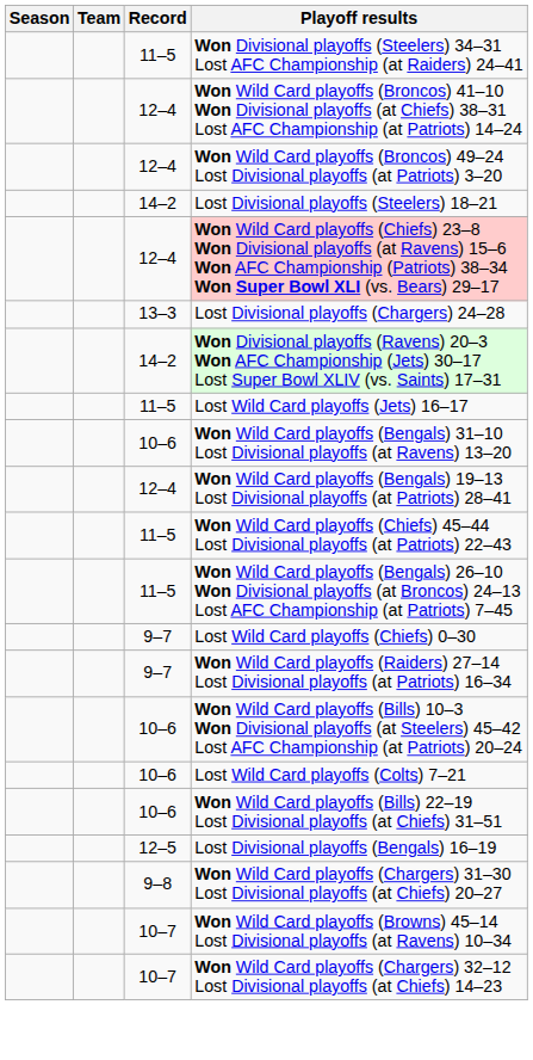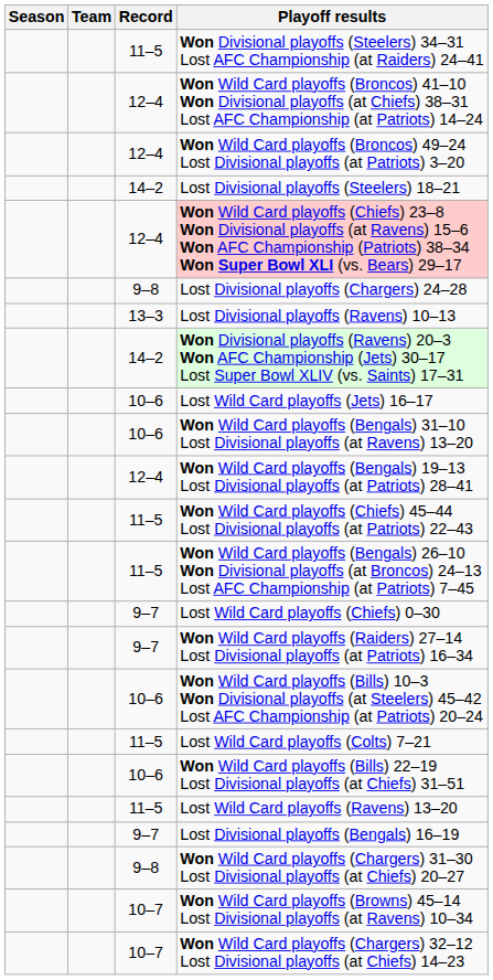 <table class="wikitable">
 <tr>
 <th>Season</th>
 <th>Team</th>
 <th>Record</th>
 <th>Playoff results</th>
 </tr>
 <tr>
 <td></td>
 <td><strong><a href='#'></a></strong></td>
 <td align="center">11–5</td>
 <td><strong>Won</strong> <a href='#'>Divisional playoffs</a> (<a href='#'>Steelers</a>) 34–31 <br>Lost <a href='#'>AFC Championship</a> (at <a href='#'>Raiders</a>) 24–41</td>
 </tr>
 <tr>
 <td></td>
 <td><strong><a href='#'></a></strong></td>
 <td align="center">12–4</td>
 <td><strong>Won</strong> <a href='#'>Wild Card playoffs</a> (<a href='#'>Broncos</a>) 41–10<br><strong>Won </strong><a href='#'>Divisional playoffs</a> (at <a href='#'>Chiefs</a>) 38–31<br>Lost <a href='#'>AFC Championship</a> (at <a href='#'>Patriots</a>) 14–24</td>
 </tr>
 <tr>
 <td></td>
 <td><strong><a href='#'></a></strong></td>
 <td align="center">12–4</td>
 <td><strong>Won</strong> <a href='#'>Wild Card playoffs</a> (<a href='#'>Broncos</a>) 49–24<br>Lost <a href='#'>Divisional playoffs</a> (at <a href='#'>Patriots</a>) 3–20</td>
 </tr>
 <tr>
 <td></td>
 <td><strong><a href='#'></a></strong></td>
 <td align="center">14–2</td>
 <td>Lost <a href='#'>Divisional playoffs</a> (<a href='#'>Steelers</a>) 18–21</td>
 </tr>
 <tr>
 <td></td>
 <td><strong><a href='#'></a></strong></td>
 <td align="center">12–4</td>
 <td bgcolor="#FFCCCC"><strong>Won</strong> <a href='#'>Wild Card playoffs</a> (<a href='#'>Chiefs</a>) 23–8<br><strong>Won</strong> <a href='#'>Divisional playoffs</a> (at <a href='#'>Ravens</a>) 15–6<br><strong>Won</strong> <a href='#'>AFC Championship</a> (<a href='#'>Patriots</a>) 38–34<br><strong>Won <a href='#'>Super Bowl XLI</a></strong> (vs. <a href='#'>Bears</a>) 29–17</td>
 </tr>
 <tr>
 <td></td>
 <td><strong><a href='#'></a></strong></td>
+<td align="center">9–8</td>
+<td>Lost <a href='#'>Divisional playoffs</a> (<a href='#'>Chargers</a>) 24–28</td>
+</tr>
+<tr>
+<td></td>
+<td><strong><a href='#'></a></strong></td>
 <td align="center">13–3</td>
-<td>Lost <a href='#'>Divisional playoffs</a> (<a href='#'>Chargers</a>) 24–28</td>
+<td>Lost <a href='#'>Divisional playoffs</a> (<a href='#'>Ravens</a>) 10–13</td>
 </tr>
 <tr>
 <td></td>
 <td><strong><a href='#'></a></strong></td>
 <td align="center">14–2</td>
 <td style="background: #DDFFDD;"><strong>Won</strong> <a href='#'>Divisional playoffs</a> (<a href='#'>Ravens</a>) 20–3<br><strong>Won</strong> <a href='#'>AFC Championship</a> (<a href='#'>Jets</a>) 30–17<br>Lost <a href='#'>Super Bowl XLIV</a> (vs. <a href='#'>Saints</a>) 17–31</td>
 </tr>
 <tr>
 <td></td>
 <td><strong><a href='#'></a></strong></td>
-<td align="center">11–5</td>
+<td align="center">10–6</td>
 <td>Lost <a href='#'>Wild Card playoffs</a> (<a href='#'>Jets</a>) 16–17</td>
 </tr>
 <tr>
 <td></td>
 <td><strong><a href='#'></a></strong></td>
 <td align="center">10–6</td>
 <td><strong>Won</strong> <a href='#'>Wild Card playoffs</a> (<a href='#'>Bengals</a>) 31–10<br>Lost <a href='#'>Divisional playoffs</a> (at <a href='#'>Ravens</a>) 13–20</td>
 </tr>
 <tr>
 <td></td>
 <td><strong><a href='#'></a></strong></td>
 <td align="center">12–4</td>
 <td><strong>Won</strong> <a href='#'>Wild Card playoffs</a> (<a href='#'>Bengals</a>) 19–13<br>Lost <a href='#'>Divisional playoffs</a> (at <a href='#'>Patriots</a>) 28–41</td>
 </tr>
 <tr>
 <td></td>
 <td><strong><a href='#'></a></strong></td>
 <td align="center">11–5</td>
 <td><strong>Won</strong> <a href='#'>Wild Card playoffs</a> (<a href='#'>Chiefs</a>) 45–44<br>Lost <a href='#'>Divisional playoffs</a> (at <a href='#'>Patriots</a>) 22–43</td>
 </tr>
 <tr>
 <td></td>
 <td><strong><a href='#'></a></strong></td>
 <td align="center">11–5</td>
 <td><strong>Won</strong> <a href='#'>Wild Card playoffs</a> (<a href='#'>Bengals</a>) 26–10<br><strong>Won</strong> <a href='#'>Divisional playoffs</a> (at <a href='#'>Broncos</a>) 24–13<br>Lost <a href='#'>AFC Championship</a> (at <a href='#'>Patriots</a>) 7–45</td>
 </tr>
 <tr>
 <td></td>
 <td><strong><a href='#'></a></strong></td>
 <td align="center">9–7</td>
 <td>Lost <a href='#'>Wild Card playoffs</a> (<a href='#'>Chiefs</a>) 0–30</td>
 </tr>
 <tr>
 <td></td>
 <td><strong><a href='#'></a></strong></td>
 <td align="center">9–7</td>
 <td><strong>Won</strong> <a href='#'>Wild Card playoffs</a> (<a href='#'>Raiders</a>) 27–14<br>Lost <a href='#'>Divisional playoffs</a> (at <a href='#'>Patriots</a>) 16–34</td>
 </tr>
 <tr>
 <td></td>
 <td><strong><a href='#'></a></strong></td>
 <td align="center">10–6</td>
 <td><strong>Won</strong> <a href='#'>Wild Card playoffs</a> (<a href='#'>Bills</a>) 10–3<br><strong>Won</strong> <a href='#'>Divisional playoffs</a> (at <a href='#'>Steelers</a>) 45–42<br>Lost <a href='#'>AFC Championship</a> (at <a href='#'>Patriots</a>) 20–24</td>
 </tr>
 <tr>
 <td></td>
 <td><strong><a href='#'></a></strong></td>
-<td align="center">10–6</td>
+<td align="center">11–5</td>
 <td>Lost <a href='#'>Wild Card playoffs</a> (<a href='#'>Colts</a>) 7–21</td>
 </tr>
 <tr>
 <td></td>
 <td><strong><a href='#'></a></strong></td>
 <td align="center">10–6</td>
 <td><strong>Won</strong> <a href='#'>Wild Card playoffs</a> (<a href='#'>Bills</a>) 22–19  <br> Lost <a href='#'>Divisional playoffs</a> (at <a href='#'>Chiefs</a>) 31–51</td>
 </tr>
 <tr>
 <td></td>
 <td><strong><a href='#'></a></strong></td>
-<td align="center">12–5</td>
+<td align="center">11–5</td>
+<td>Lost <a href='#'>Wild Card playoffs</a> (<a href='#'>Ravens</a>) 13–20</td>
+</tr>
+<tr>
+<td></td>
+<td><strong><a href='#'></a></strong></td>
+<td align="center">9–7</td>
 <td>Lost <a href='#'>Divisional playoffs</a> (<a href='#'>Bengals</a>) 16–19</td>
 </tr>
 <tr>
 <td></td>
 <td><strong><a href='#'></a></strong></td>
 <td align="center">9–8</td>
 <td><strong>Won</strong> <a href='#'>Wild Card playoffs</a> (<a href='#'>Chargers</a>) 31–30 <br> Lost <a href='#'>Divisional playoffs</a> (at <a href='#'>Chiefs</a>) 20–27</td>
 </tr>
 <tr>
 <td></td>
 <td><strong><a href='#'></a></strong></td>
 <td align="center">10–7</td>
 <td><strong>Won</strong> <a href='#'>Wild Card playoffs</a> (<a href='#'>Browns</a>) 45–14 <br> Lost <a href='#'>Divisional playoffs</a> (at <a href='#'>Ravens</a>) 10–34</td>
 </tr>
 <tr>
 <td></td>
 <td><strong><a href='#'></a></strong></td>
 <td align="center">10–7</td>
 <td><strong>Won</strong> <a href='#'>Wild Card playoffs</a> (<a href='#'>Chargers</a>) 32–12 <br> Lost <a href='#'>Divisional playoffs</a> (at <a href='#'>Chiefs</a>) 14–23</td>
 </tr>
 </table>
